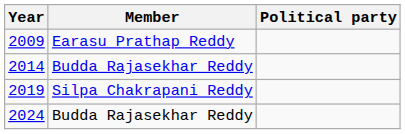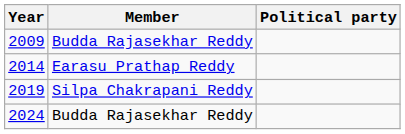 <table class="wikitable sortable">
 <tr>
 <th>Year</th>
 <th>Member</th>
 <th colspan="2">Political party</th>
 </tr>
 <tr>
 <td><a href='#'>2009</a></td>
-<td><a href='#'>Earasu Prathap Reddy</a></td>
+<td><a href='#'>Budda Rajasekhar Reddy</a></td>
 <td></td>
 </tr>
 <tr>
 <td><a href='#'>2014</a></td>
-<td><a href='#'>Budda Rajasekhar Reddy</a></td>
+<td><a href='#'>Earasu Prathap Reddy</a></td>
 <td></td>
 </tr>
 <tr>
 <td><a href='#'>2019</a></td>
 <td><a href='#'>Silpa Chakrapani Reddy</a></td>
 </tr>
 <tr>
 <td><a href='#'>2024</a></td>
 <td>Budda Rajasekhar Reddy</td>
 <td></td>
 </tr>
 </table>
